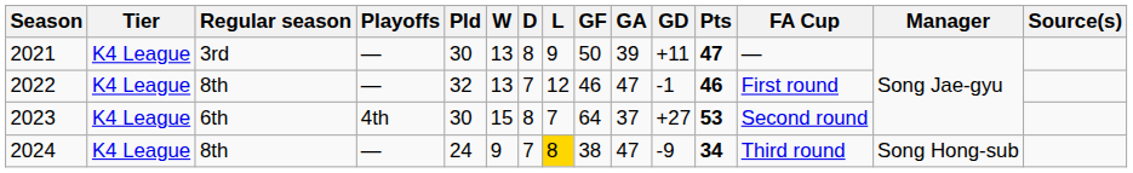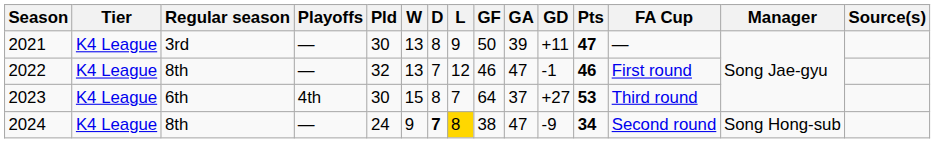 <table class="wikitable">
 <tr>
 <th>Season</th>
 <th>Tier</th>
 <th>Regular season</th>
 <th>Playoffs</th>
 <th>Pld</th>
 <th>W</th>
 <th>D</th>
 <th>L</th>
 <th>GF</th>
 <th>GA</th>
 <th>GD</th>
 <th>Pts</th>
 <th>FA Cup</th>
 <th>Manager</th>
 <th>Source(s)</th>
 </tr>
 <tr>
 <td>2021</td>
 <td><a href='#'>K4 League</a></td>
 <td>3rd</td>
 <td>—</td>
 <td>30</td>
 <td>13</td>
 <td>8</td>
 <td>9</td>
 <td>50</td>
 <td>39</td>
 <td>+11</td>
 <td><strong>47</strong></td>
 <td>—</td>
 <td rowspan="3"> Song Jae-gyu</td>
 <td></td>
 </tr>
 <tr>
 <td>2022</td>
 <td><a href='#'>K4 League</a></td>
 <td>8th</td>
 <td>—</td>
 <td>32</td>
 <td>13</td>
 <td>7</td>
 <td>12</td>
 <td>46</td>
 <td>47</td>
 <td>-1</td>
 <td><strong>46</strong></td>
 <td><a href='#'>First round</a></td>
 <td></td>
 </tr>
 <tr>
 <td>2023</td>
 <td><a href='#'>K4 League</a></td>
 <td>6th</td>
 <td>4th</td>
 <td>30</td>
 <td>15</td>
 <td>8</td>
 <td>7</td>
 <td>64</td>
 <td>37</td>
 <td>+27</td>
 <td><strong>53</strong></td>
-<td><a href='#'>Second round</a></td>
+<td><a href='#'>Third round</a></td>
 <td></td>
 </tr>
 <tr>
 <td>2024</td>
 <td><a href='#'>K4 League</a></td>
 <td>8th</td>
 <td>—</td>
 <td>24</td>
 <td>9</td>
-<td>7</td>
+<td><strong>7</strong></td>
 <td style="background: gold;">8</td>
 <td>38</td>
 <td>47</td>
 <td>-9</td>
 <td><strong>34</strong></td>
-<td><a href='#'>Third round</a></td>
+<td><a href='#'>Second round</a></td>
 <td> Song Hong-sub</td>
 <td></td>
 </tr>
 </table>
